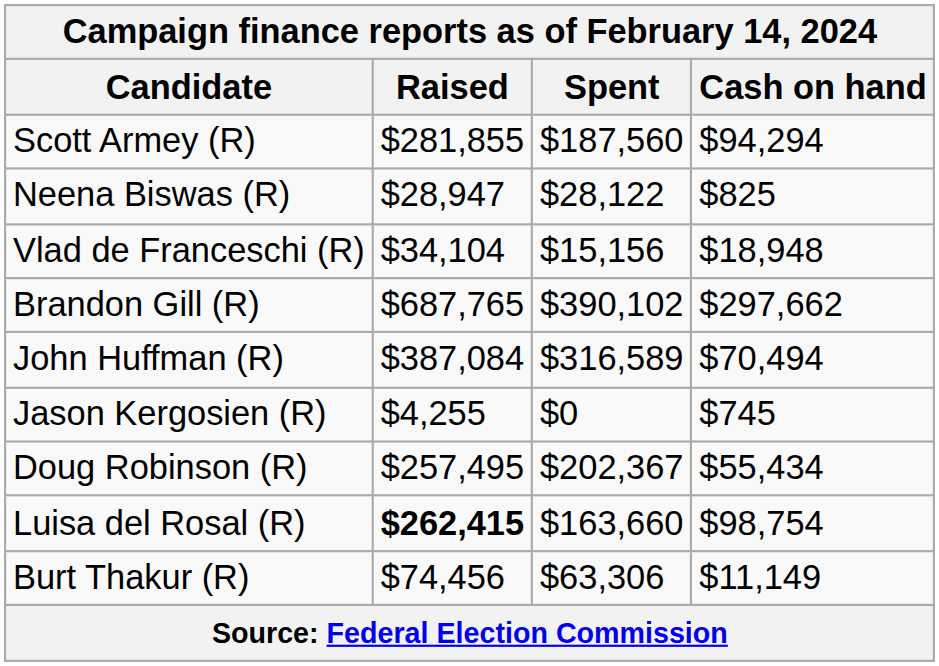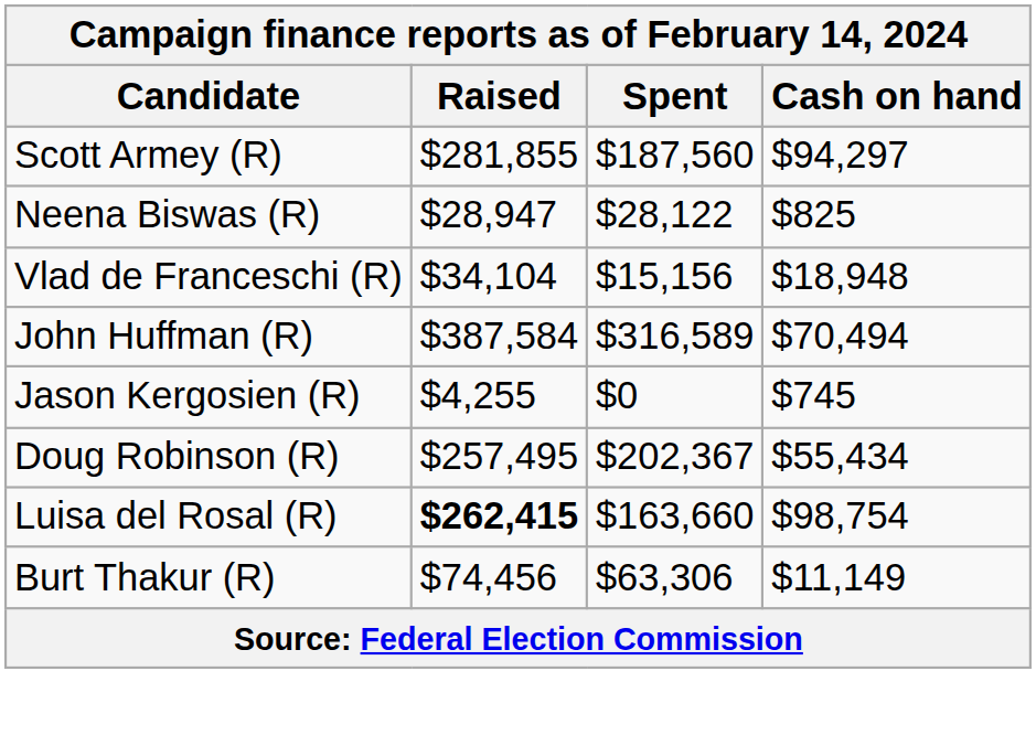 <table class="wikitable sortable">
 <tr>
 <th colspan=4>Campaign finance reports as of February 14, 2024</th>
 </tr>
 <tr style="text-align:center;">
 <th>Candidate</th>
 <th>Raised</th>
 <th>Spent</th>
 <th>Cash on hand</th>
 </tr>
 <tr>
 <td style="background-color:">Scott Armey (R)</td>
 <td>$281,855</td>
 <td>$187,560</td>
-<td>$94,294</td>
+<td>$94,297</td>
 </tr>
 <tr>
 <td style="background-color:">Neena Biswas (R)</td>
 <td>$28,947</td>
 <td>$28,122</td>
 <td>$825</td>
 </tr>
 <tr>
 <td style="background-color:">Vlad de Franceschi (R)</td>
 <td>$34,104</td>
 <td>$15,156</td>
 <td>$18,948</td>
 </tr>
 <tr>
-<td style="background-color:">Brandon Gill (R)</td>
-<td>$687,765</td>
-<td>$390,102</td>
-<td>$297,662</td>
-</tr>
-<tr>
 <td style="background-color:">John Huffman (R)</td>
-<td>$387,084</td>
+<td>$387,584</td>
 <td>$316,589</td>
 <td>$70,494</td>
 </tr>
 <tr>
 <td style="background-color:">Jason Kergosien (R)</td>
 <td>$4,255</td>
 <td>$0</td>
 <td>$745</td>
 </tr>
 <tr>
 <td style="background-color:">Doug Robinson (R)</td>
 <td>$257,495</td>
 <td>$202,367</td>
 <td>$55,434</td>
 </tr>
 <tr>
 <td style="background-color:">Luisa del Rosal (R)</td>
 <td><strong>$262,415</strong></td>
 <td>$163,660</td>
 <td>$98,754</td>
 </tr>
 <tr>
 <td style="background-color:">Burt Thakur (R)</td>
 <td>$74,456</td>
 <td>$63,306</td>
 <td>$11,149</td>
 </tr>
 <tr>
 <th colspan="4"><small>Source: <a href='#'>Federal Election Commission</a></small></th>
 </tr>
 </table>
